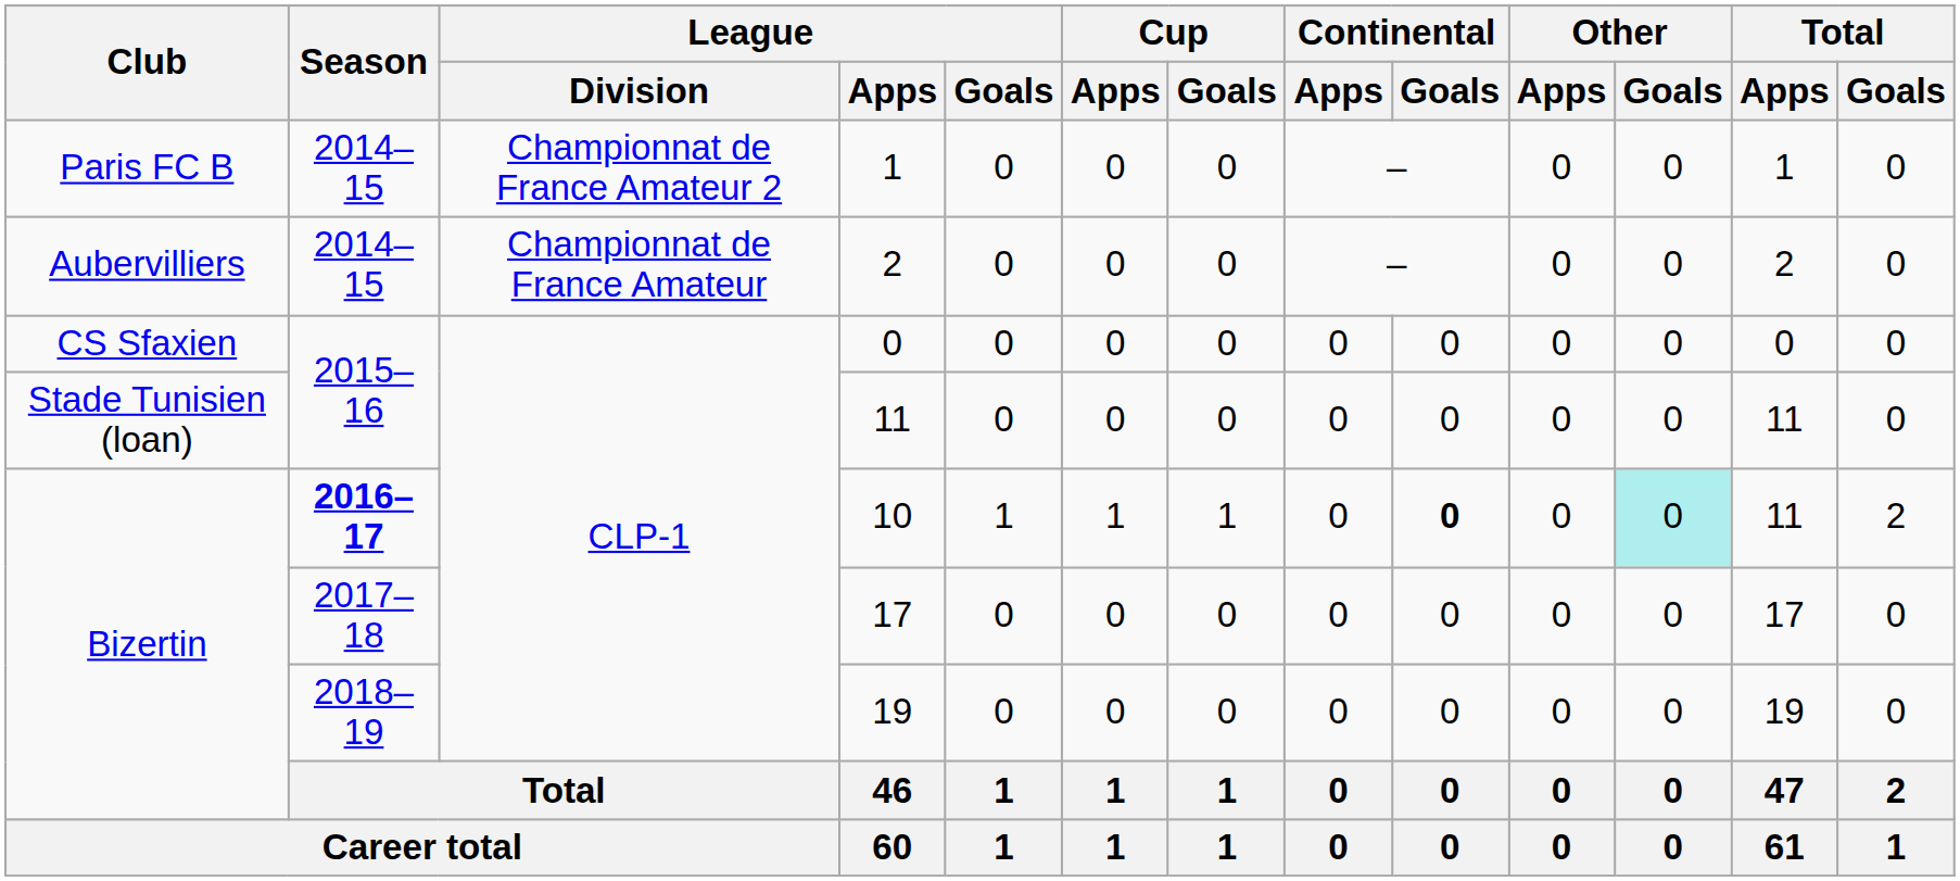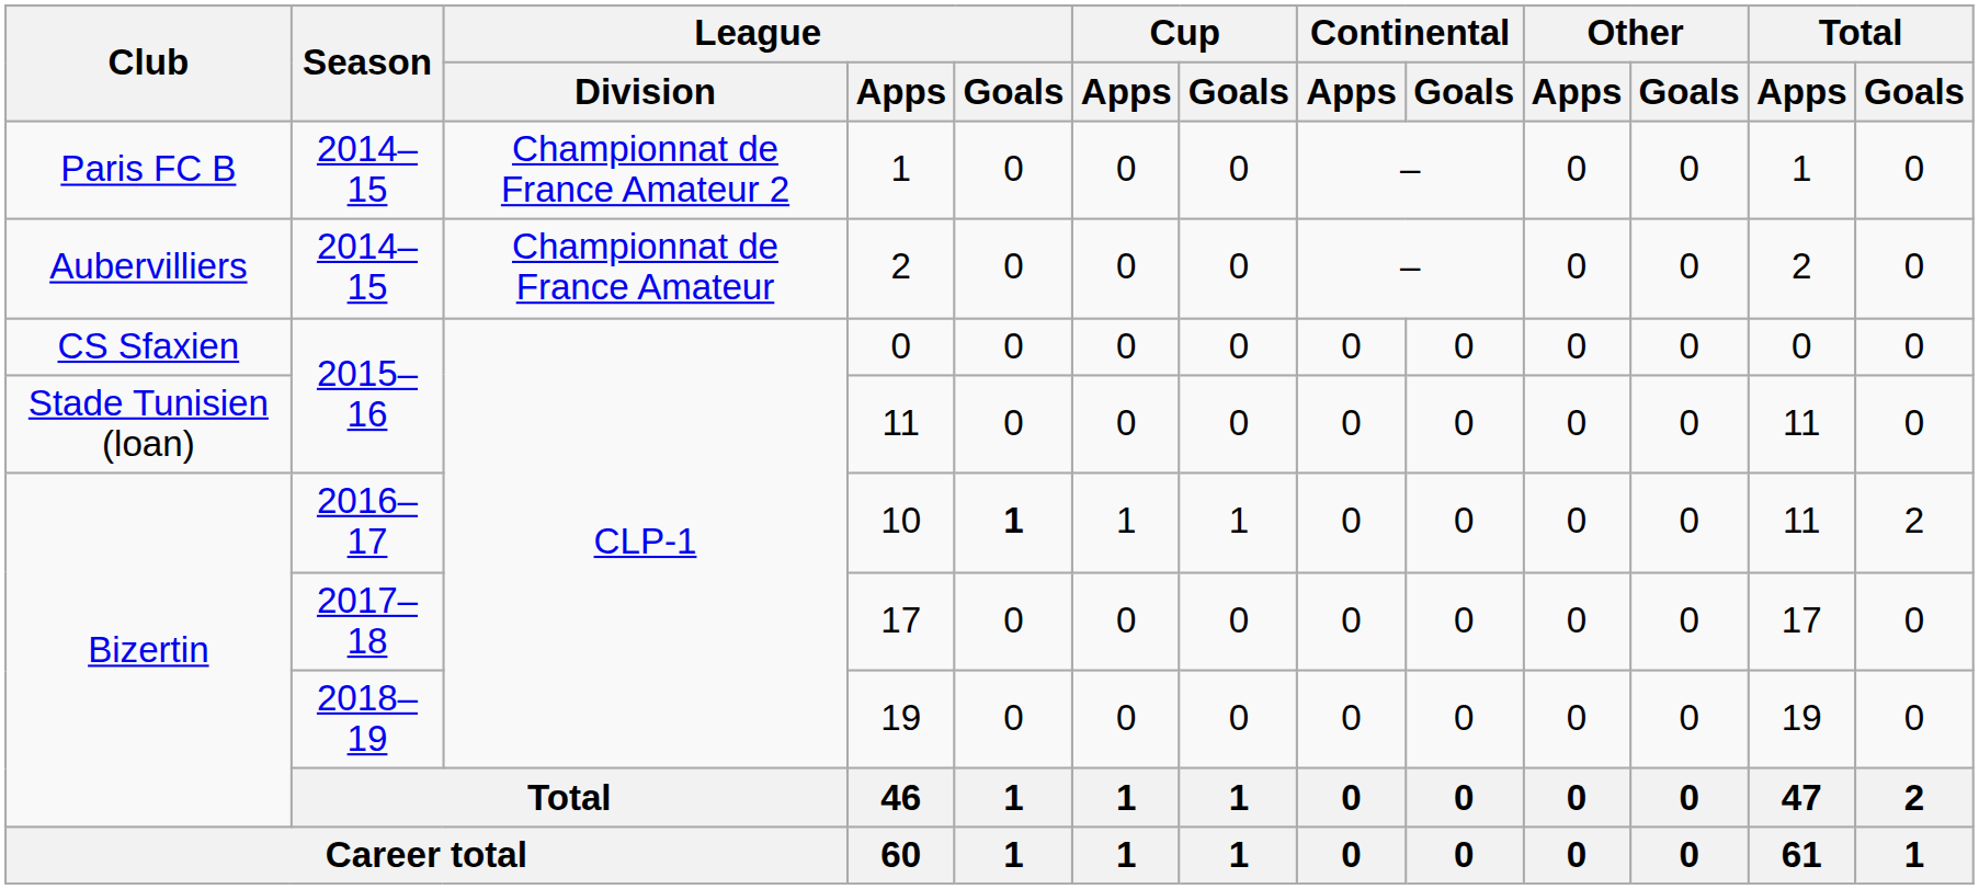 <table class="wikitable" style="text-align: center">
 <tr>
 <th rowspan="2">Club</th>
 <th rowspan="2">Season</th>
 <th colspan="3">League</th>
 <th colspan="2">Cup</th>
 <th colspan="2">Continental</th>
 <th colspan="2">Other</th>
 <th colspan="2">Total</th>
 </tr>
 <tr>
 <th>Division</th>
 <th>Apps</th>
 <th>Goals</th>
 <th>Apps</th>
 <th>Goals</th>
 <th>Apps</th>
 <th>Goals</th>
 <th>Apps</th>
 <th>Goals</th>
 <th>Apps</th>
 <th>Goals</th>
 </tr>
 <tr>
 <td><a href='#'>Paris FC B</a></td>
 <td><a href='#'>2014–15</a></td>
 <td><a href='#'>Championnat de France Amateur 2</a></td>
 <td>1</td>
 <td>0</td>
 <td>0</td>
 <td>0</td>
 <td colspan="2">–</td>
 <td>0</td>
 <td>0</td>
 <td>1</td>
 <td>0</td>
 </tr>
 <tr>
 <td><a href='#'>Aubervilliers</a></td>
 <td><a href='#'>2014–15</a></td>
 <td><a href='#'>Championnat de France Amateur</a></td>
 <td>2</td>
 <td>0</td>
 <td>0</td>
 <td>0</td>
 <td colspan="2">–</td>
 <td>0</td>
 <td>0</td>
 <td>2</td>
 <td>0</td>
 </tr>
 <tr>
 <td><a href='#'>CS Sfaxien</a></td>
 <td rowspan="2"><a href='#'>2015–16</a></td>
 <td rowspan="5"><a href='#'>CLP-1</a></td>
 <td>0</td>
 <td>0</td>
 <td>0</td>
 <td>0</td>
 <td>0</td>
 <td>0</td>
 <td>0</td>
 <td>0</td>
 <td>0</td>
 <td>0</td>
 </tr>
 <tr>
 <td><a href='#'>Stade Tunisien</a> (loan)</td>
 <td>11</td>
 <td>0</td>
 <td>0</td>
 <td>0</td>
 <td>0</td>
 <td>0</td>
 <td>0</td>
 <td>0</td>
 <td>11</td>
 <td>0</td>
 </tr>
 <tr>
 <td rowspan="4"><a href='#'>Bizertin</a></td>
-<td><strong><a href='#'>2016–17</a></strong></td>
+<td><a href='#'>2016–17</a></td>
 <td>10</td>
-<td>1</td>
+<td><strong>1</strong></td>
 <td>1</td>
 <td>1</td>
 <td>0</td>
-<td><strong>0</strong></td>
 <td>0</td>
-<td style="background: paleturquoise;">0</td>
+<td>0</td>
+<td>0</td>
 <td>11</td>
 <td>2</td>
 </tr>
 <tr>
 <td><a href='#'>2017–18</a></td>
 <td>17</td>
 <td>0</td>
 <td>0</td>
 <td>0</td>
 <td>0</td>
 <td>0</td>
 <td>0</td>
 <td>0</td>
 <td>17</td>
 <td>0</td>
 </tr>
 <tr>
 <td><a href='#'>2018–19</a></td>
 <td>19</td>
 <td>0</td>
 <td>0</td>
 <td>0</td>
 <td>0</td>
 <td>0</td>
 <td>0</td>
 <td>0</td>
 <td>19</td>
 <td>0</td>
 </tr>
 <tr>
 <th colspan=2>Total</th>
 <th>46</th>
 <th>1</th>
 <th>1</th>
 <th>1</th>
 <th>0</th>
 <th>0</th>
 <th>0</th>
 <th>0</th>
 <th>47</th>
 <th>2</th>
 </tr>
 <tr>
 <th colspan=3>Career total</th>
 <th>60</th>
 <th>1</th>
 <th>1</th>
 <th>1</th>
 <th>0</th>
 <th>0</th>
 <th>0</th>
 <th>0</th>
 <th>61</th>
 <th>1</th>
 </tr>
 </table>
